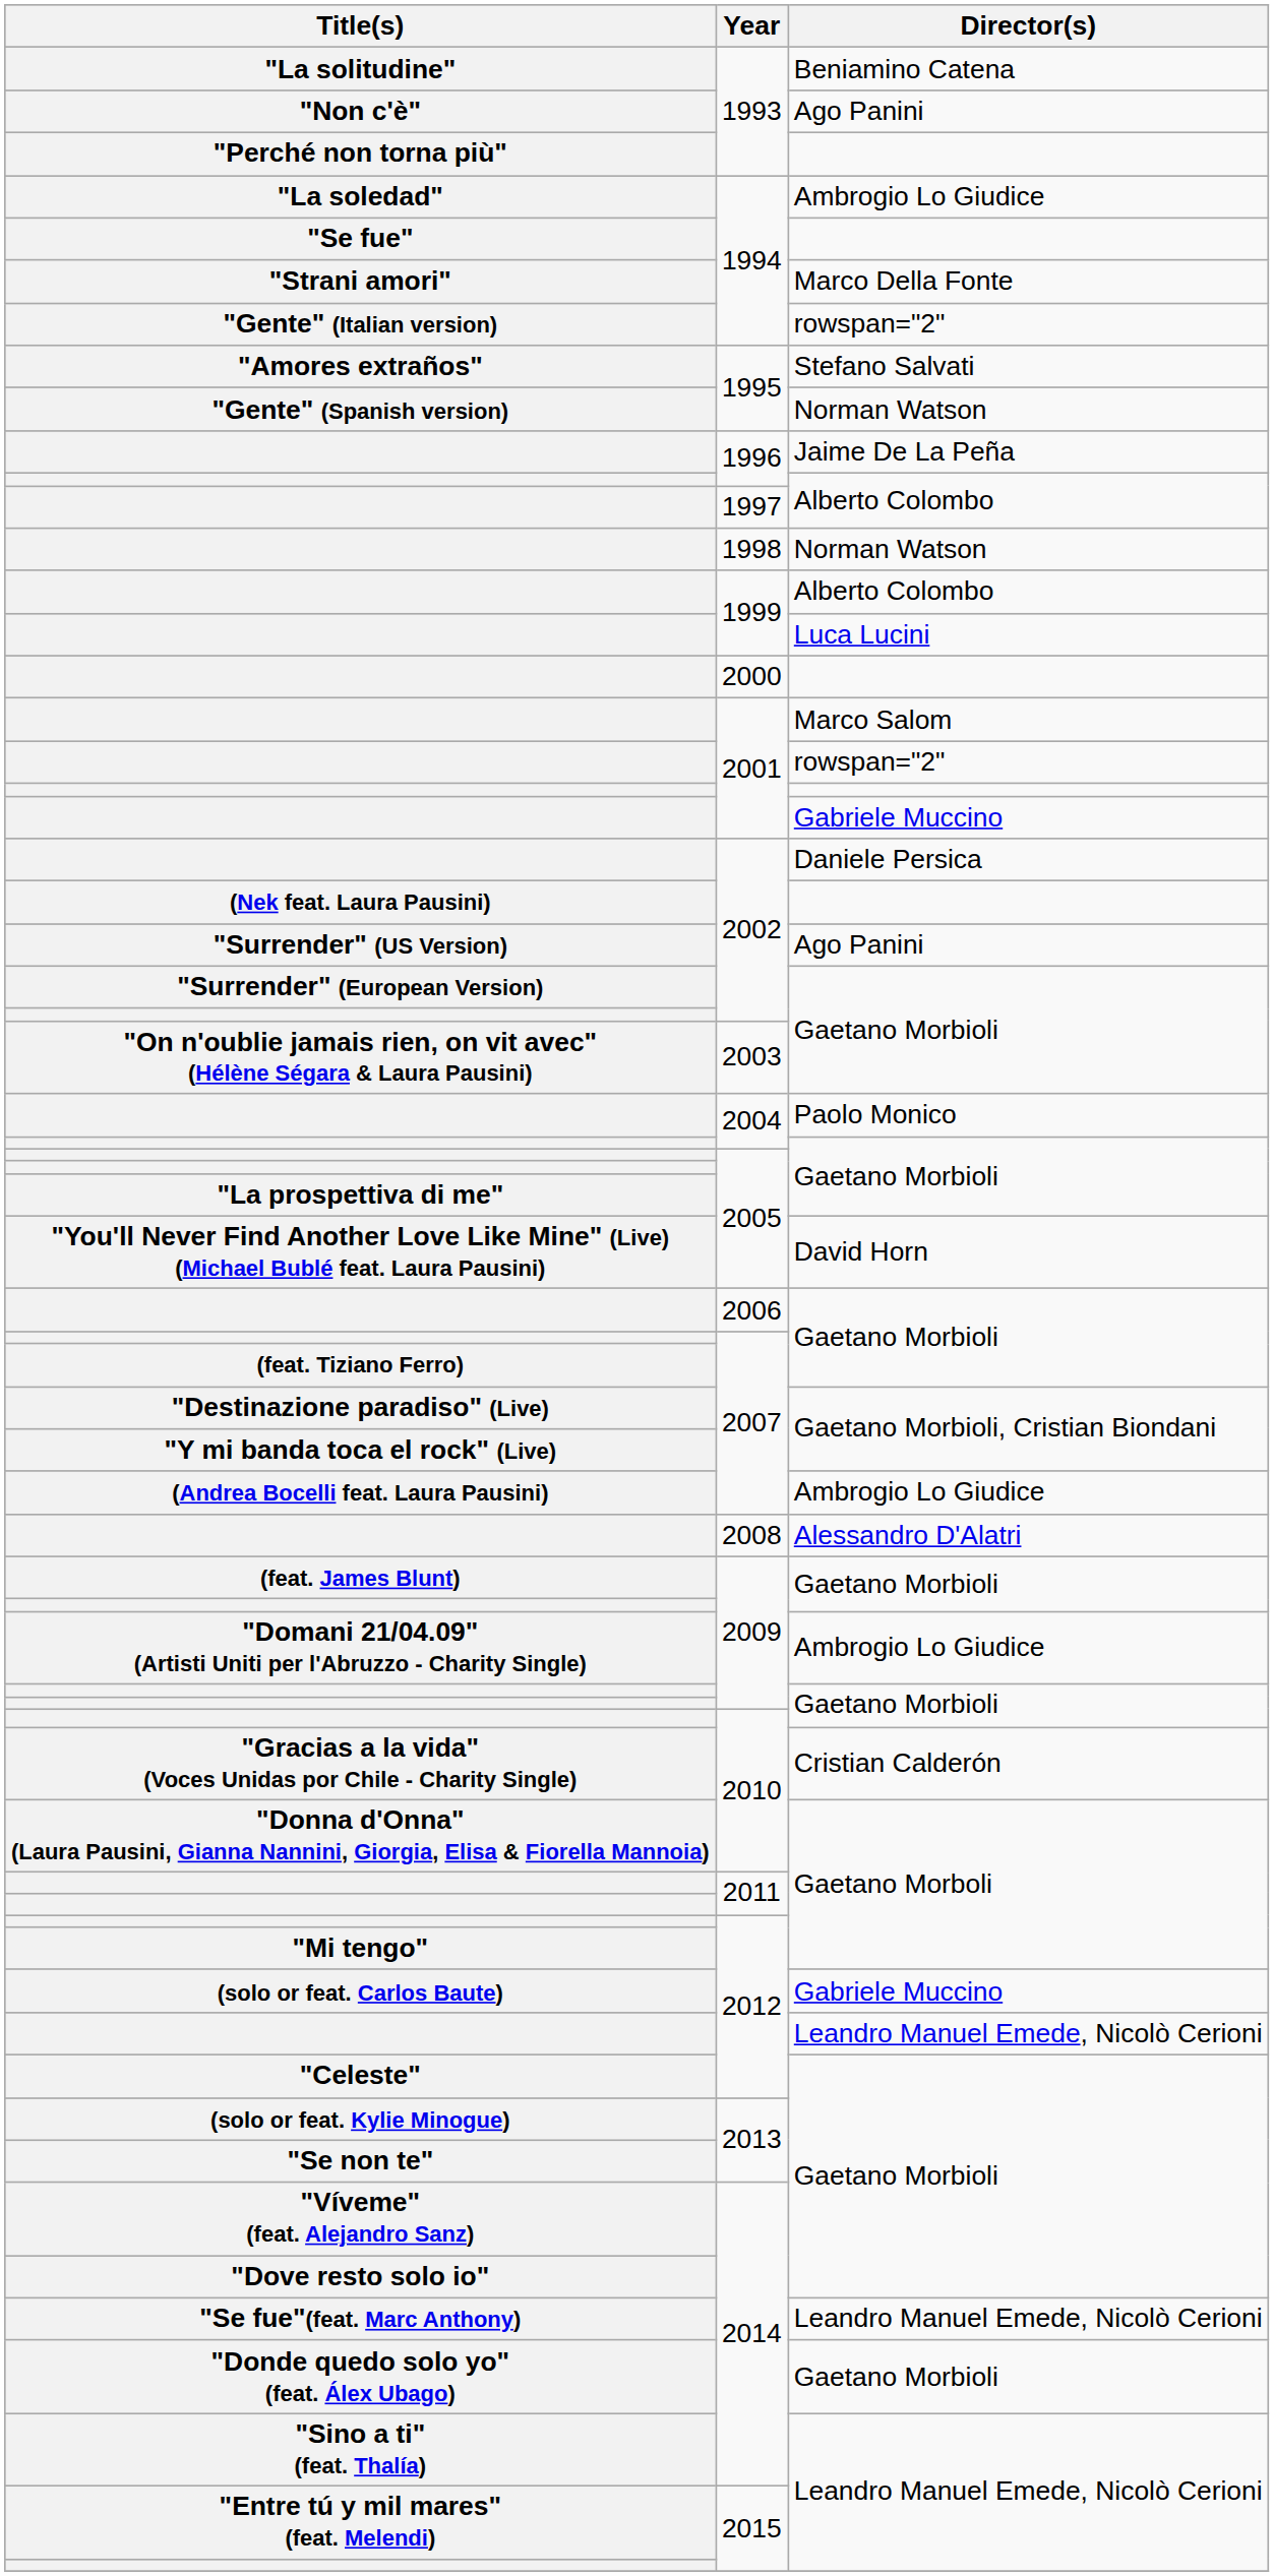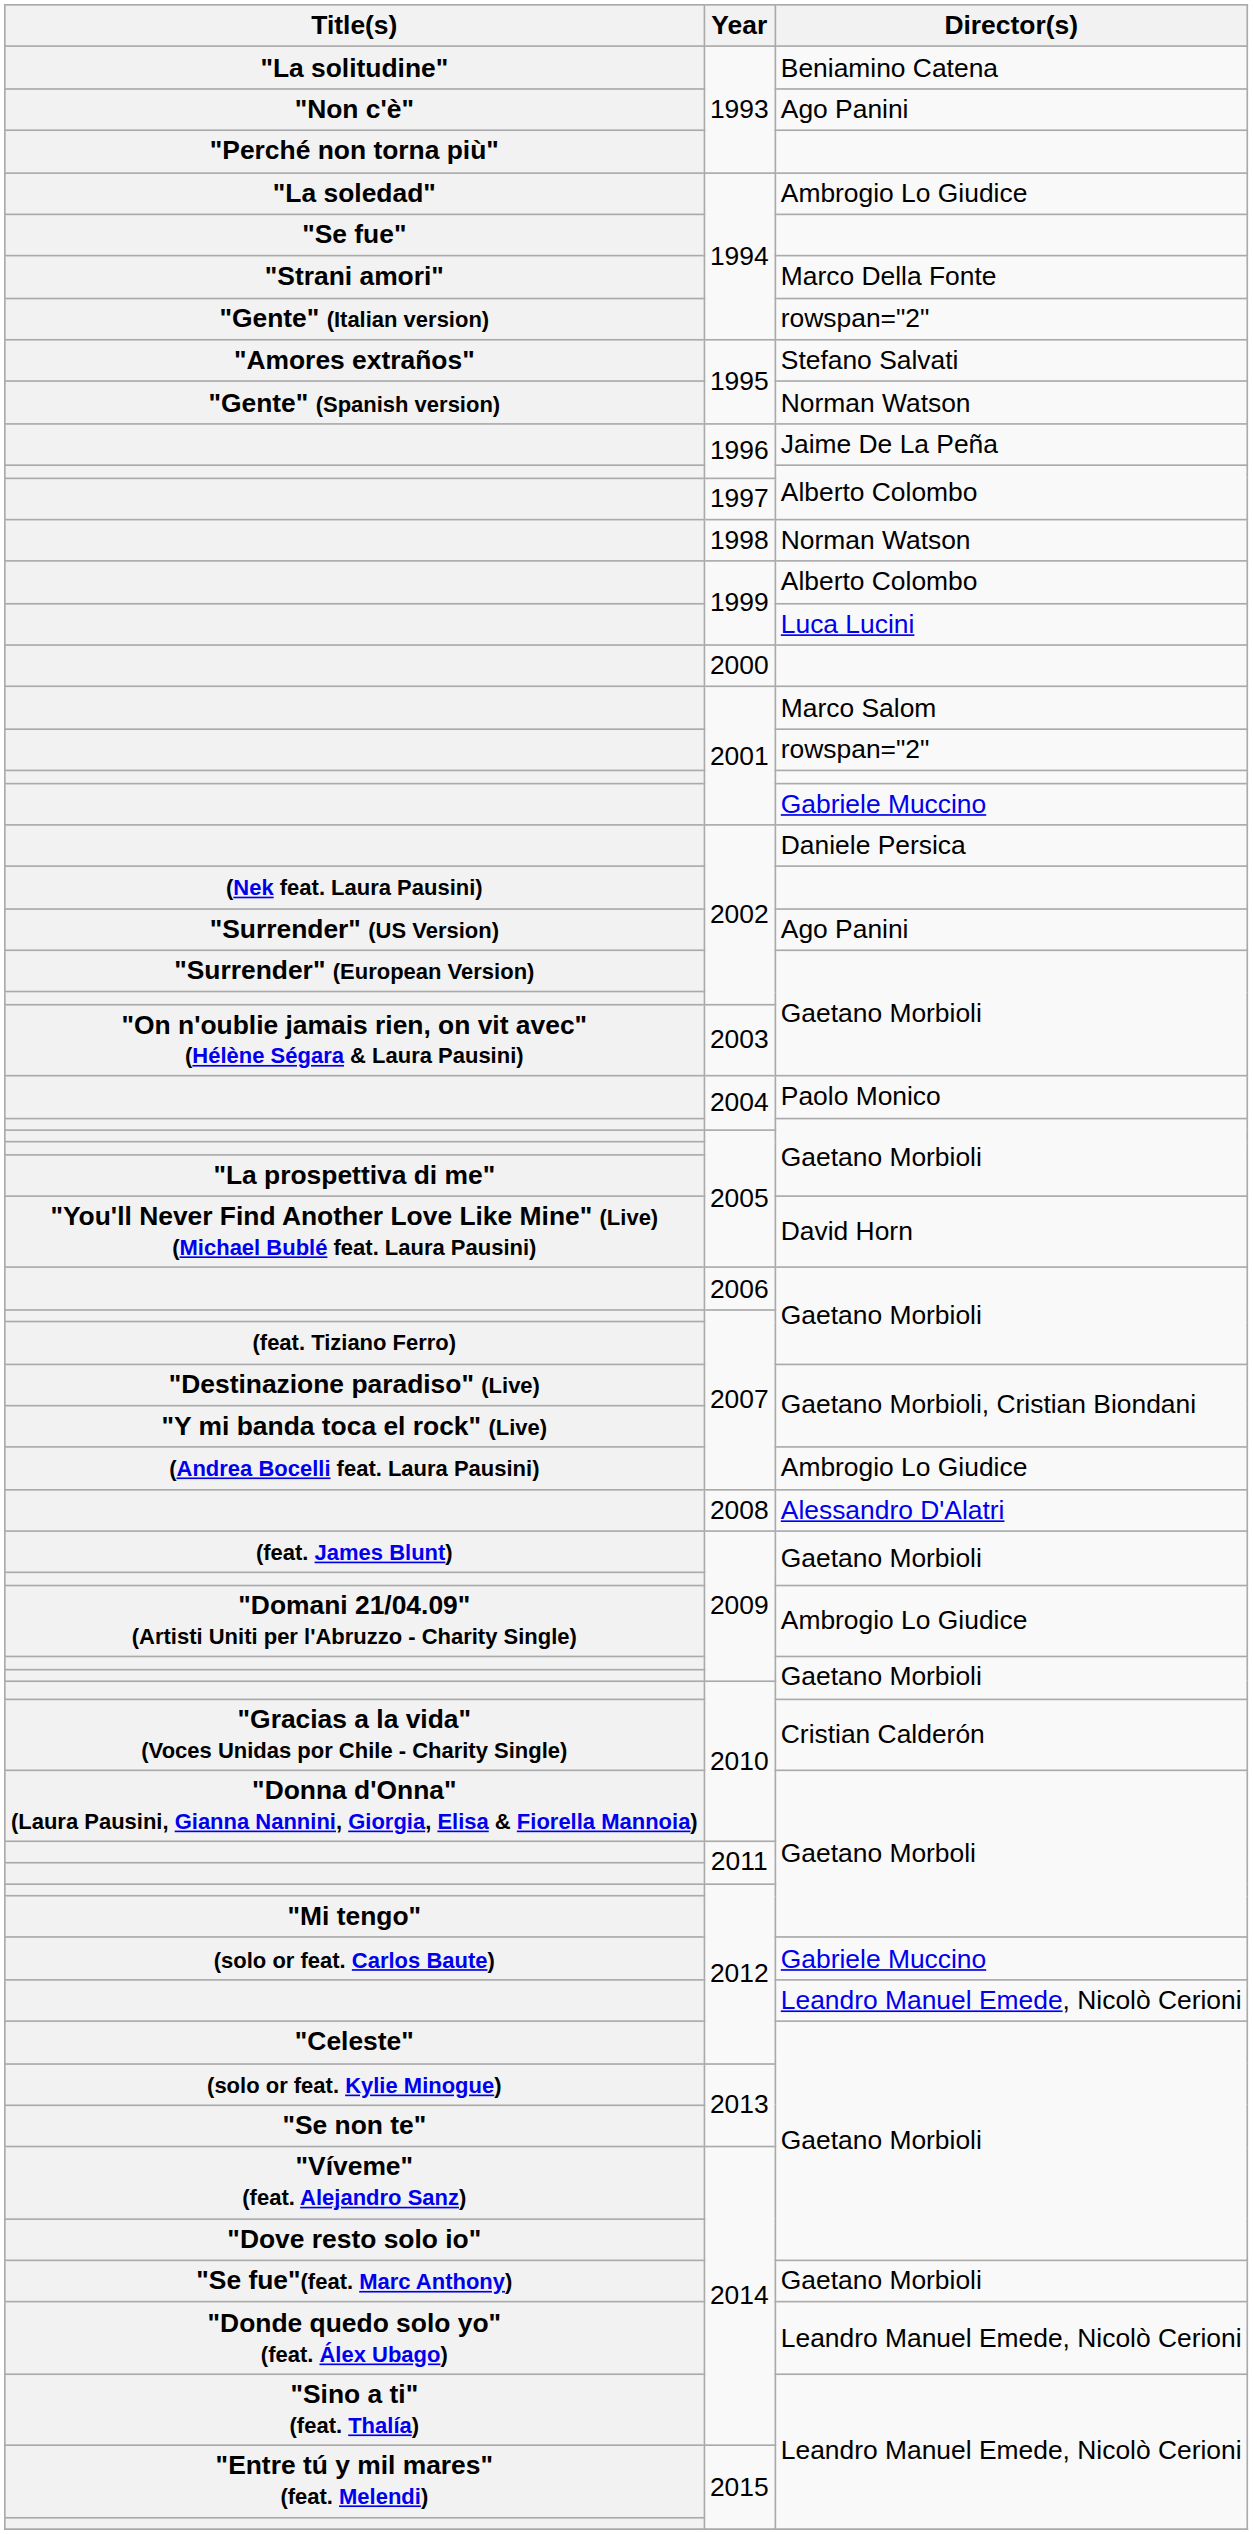 <table class="wikitable plainrowheaders">
 <tr>
 <th scope="col">Title(s)</th>
 <th scope="col">Year</th>
 <th scope="col">Director(s)</th>
 </tr>
 <tr>
 <th scope="row">"La solitudine"</th>
 <td rowspan="3" style="text-align:center;">1993</td>
 <td>Beniamino Catena</td>
 </tr>
 <tr>
 <th scope="row">"Non c'è"</th>
 <td>Ago Panini</td>
 </tr>
 <tr>
 <th scope="row">"Perché non torna più"</th>
 </tr>
 <tr>
 <th scope="row">"La soledad"</th>
 <td rowspan="4" style="text-align:center;">1994</td>
 <td>Ambrogio Lo Giudice</td>
 </tr>
 <tr>
 <th scope="row">"Se fue"</th>
 <td></td>
 </tr>
 <tr>
 <th scope="row">"Strani amori"</th>
 <td>Marco Della Fonte</td>
 </tr>
 <tr>
 <th scope="row">"Gente" <small>(Italian version)</small></th>
 <td>rowspan="2" </td>
 </tr>
 <tr>
 <th scope="row">"Amores extraños"</th>
 <td rowspan="2" style="text-align:center;">1995</td>
 <td>Stefano Salvati</td>
 </tr>
 <tr>
 <th scope="row">"Gente" <small>(Spanish version)</small></th>
 <td>Norman Watson</td>
 </tr>
 <tr>
 <th scope="row"></th>
 <td rowspan="2" style="text-align:center;">1996</td>
 <td>Jaime De La Peña</td>
 </tr>
 <tr>
 <th scope="row"></th>
 <td rowspan="2">Alberto Colombo</td>
 </tr>
 <tr>
 <th scope="row"></th>
 <td style="text-align:center;">1997</td>
 </tr>
 <tr>
 <th scope="row"></th>
 <td style="text-align:center;">1998</td>
 <td>Norman Watson</td>
 </tr>
 <tr>
 <th scope="row"></th>
 <td rowspan="2" style="text-align:center;">1999</td>
 <td>Alberto Colombo</td>
 </tr>
 <tr>
 <th scope="row"></th>
 <td><a href='#'>Luca Lucini</a></td>
 </tr>
 <tr>
 <th scope="row"></th>
 <td style="text-align:center;">2000</td>
 <td></td>
 </tr>
 <tr>
 <th scope="row"></th>
 <td rowspan="4" style="text-align:center;">2001</td>
 <td>Marco Salom</td>
 </tr>
 <tr>
 <th scope="row"></th>
 <td>rowspan="2" </td>
 </tr>
 <tr>
 <th scope="row"></th>
 </tr>
 <tr>
 <th scope="row"></th>
 <td><a href='#'>Gabriele Muccino</a></td>
 </tr>
 <tr>
 <th scope="row"></th>
 <td rowspan="5" style="text-align:center;">2002</td>
 <td>Daniele Persica</td>
 </tr>
 <tr>
 <th scope="row"><small>(<a href='#'>Nek</a> feat. Laura Pausini)</small></th>
 <td></td>
 </tr>
 <tr>
 <th scope="row">"Surrender" <small>(US Version)</small></th>
 <td>Ago Panini</td>
 </tr>
 <tr>
 <th scope="row">"Surrender" <small>(European Version)</small></th>
 <td rowspan="3">Gaetano Morbioli</td>
 </tr>
 <tr>
 <th scope="row"></th>
 </tr>
 <tr>
 <th scope="row">"On n'oublie jamais rien, on vit avec"<br><small>(<a href='#'>Hélène Ségara</a> & Laura Pausini)</small></th>
 <td style="text-align:center;">2003</td>
 </tr>
 <tr>
 <th scope="row"></th>
 <td rowspan="2" style="text-align:center;">2004</td>
 <td>Paolo Monico</td>
 </tr>
 <tr>
 <th scope="row"></th>
 <td rowspan="4">Gaetano Morbioli</td>
 </tr>
 <tr>
 <th scope="row"></th>
 <td rowspan="4" style="text-align:center;">2005</td>
 </tr>
 <tr>
 <th scope="row"></th>
 </tr>
 <tr>
 <th scope="row">"La prospettiva di me"</th>
 </tr>
 <tr>
 <th scope="row">"You'll Never Find Another Love Like Mine" <small>(Live)</small><br><small>(<a href='#'>Michael Bublé</a> feat. Laura Pausini)</small></th>
 <td>David Horn</td>
 </tr>
 <tr>
 <th scope="row"></th>
 <td style="text-align:center;">2006</td>
 <td rowspan="3">Gaetano Morbioli</td>
 </tr>
 <tr>
 <th scope="row"></th>
 <td rowspan="5" style="text-align:center;">2007</td>
 </tr>
 <tr>
 <th scope="row"><small>(feat. Tiziano Ferro)</small></th>
 </tr>
 <tr>
 <th scope="row">"Destinazione paradiso" <small>(Live)</small></th>
 <td rowspan="2">Gaetano Morbioli, Cristian Biondani</td>
 </tr>
 <tr>
 <th scope="row">"Y mi banda toca el rock" <small>(Live)</small></th>
 </tr>
 <tr>
 <th scope="row"><small>(<a href='#'>Andrea Bocelli</a> feat. Laura Pausini)</small></th>
 <td>Ambrogio Lo Giudice</td>
 </tr>
 <tr>
 <th scope="row"></th>
 <td style="text-align:center;">2008</td>
 <td><a href='#'>Alessandro D'Alatri</a></td>
 </tr>
 <tr>
 <th scope="row"><small>(feat. <a href='#'>James Blunt</a>)</small></th>
 <td style="text-align:center;" rowspan="5">2009</td>
 <td rowspan="2">Gaetano Morbioli</td>
 </tr>
 <tr>
 <th scope="row"></th>
 </tr>
 <tr>
 <th scope="row">"Domani 21/04.09"<br><small>(Artisti Uniti per l'Abruzzo - Charity Single)</small></th>
 <td>Ambrogio Lo Giudice</td>
 </tr>
 <tr>
 <th scope="row"></th>
 <td rowspan="3">Gaetano Morbioli</td>
 </tr>
 <tr>
 <th scope="row"></th>
 </tr>
 <tr>
 <th scope="row"></th>
 <td rowspan="3" style="text-align:center;">2010</td>
 </tr>
 <tr>
 <th scope="row">"Gracias a la vida"<br><small>(Voces Unidas por Chile - Charity Single)</small></th>
 <td>Cristian Calderón</td>
 </tr>
 <tr>
 <th scope="row">"Donna d'Onna"<br><small>(Laura Pausini, <a href='#'>Gianna Nannini</a>, <a href='#'>Giorgia</a>, <a href='#'>Elisa</a> & <a href='#'>Fiorella Mannoia</a>)</small></th>
 <td rowspan="5">Gaetano Morboli</td>
 </tr>
 <tr>
 <th scope="row"></th>
 <td rowspan="2" style="text-align:center;">2011</td>
 </tr>
 <tr>
 <th scope="row"></th>
 </tr>
 <tr>
 <th scope="row"></th>
 <td rowspan="5" style="text-align:center;">2012</td>
 </tr>
 <tr>
 <th scope="row">"Mi tengo"</th>
 </tr>
 <tr>
 <th scope="row"><small>(solo or feat. <a href='#'>Carlos Baute</a>)</small></th>
 <td><a href='#'>Gabriele Muccino</a></td>
 </tr>
 <tr>
 <th scope="row"></th>
 <td><a href='#'>Leandro Manuel Emede</a>, Nicolò Cerioni</td>
 </tr>
 <tr>
 <th scope="row">"Celeste"</th>
 <td rowspan="5">Gaetano Morbioli</td>
 </tr>
 <tr>
 <th scope="row"><small>(solo or feat. <a href='#'>Kylie Minogue</a>)</small></th>
 <td rowspan="2" style="text-align:center;">2013</td>
 </tr>
 <tr>
 <th scope="row">"Se non te"</th>
 </tr>
 <tr>
 <th scope="row">"Víveme"<br><small>(feat. <a href='#'>Alejandro Sanz</a>)</small></th>
 <td rowspan="5" style="text-align:center;">2014</td>
 </tr>
 <tr>
 <th scope="row">"Dove resto solo io"</th>
 </tr>
 <tr>
 <th scope="row">"Se fue"<small>(feat. <a href='#'>Marc Anthony</a>)</small></th>
-<td>Leandro Manuel Emede, Nicolò Cerioni</td>
+<td>Gaetano Morbioli</td>
 </tr>
 <tr>
 <th scope="row">"Donde quedo solo yo"<small><br>(feat. <a href='#'>Álex Ubago</a>)</small></th>
-<td>Gaetano Morbioli</td>
+<td>Leandro Manuel Emede, Nicolò Cerioni</td>
 </tr>
 <tr>
 <th scope="row">"Sino a ti"<br><small>(feat. <a href='#'>Thalía</a>)</small></th>
 <td rowspan="3">Leandro Manuel Emede, Nicolò Cerioni</td>
 </tr>
 <tr>
 <th scope="row">"Entre tú y mil mares"<br><small>(feat. <a href='#'>Melendi</a>)</small></th>
 <td rowspan="2" style="text-align:center;">2015</td>
 </tr>
 <tr>
 <th scope="row"></th>
 </tr>
 <tr>
 </tr>
 </table>
